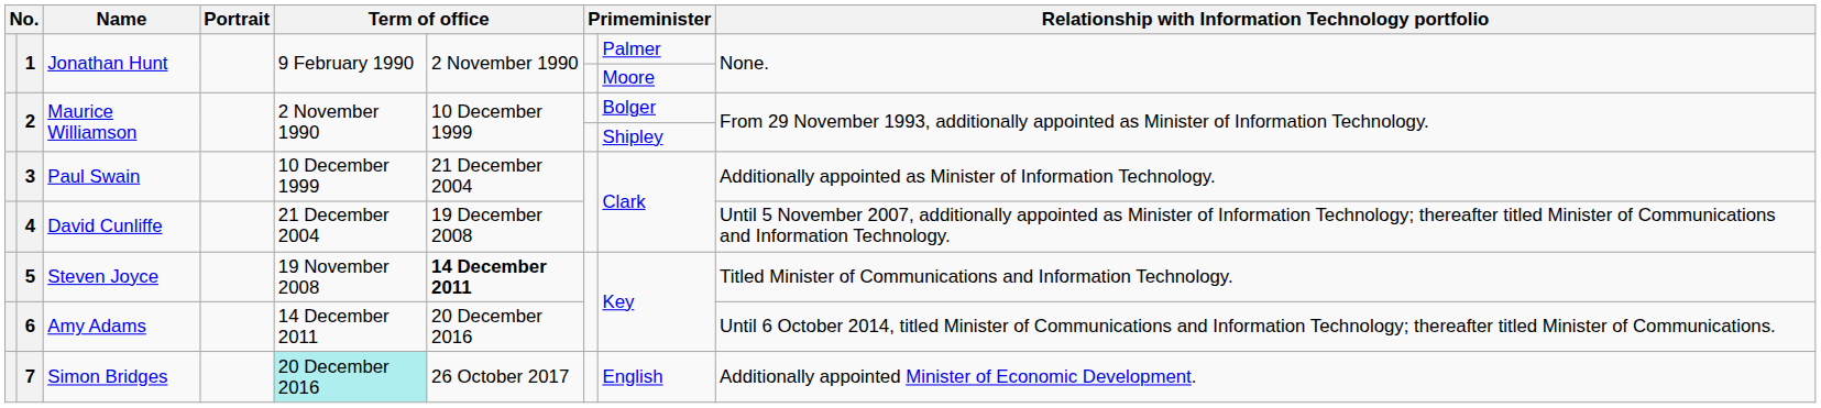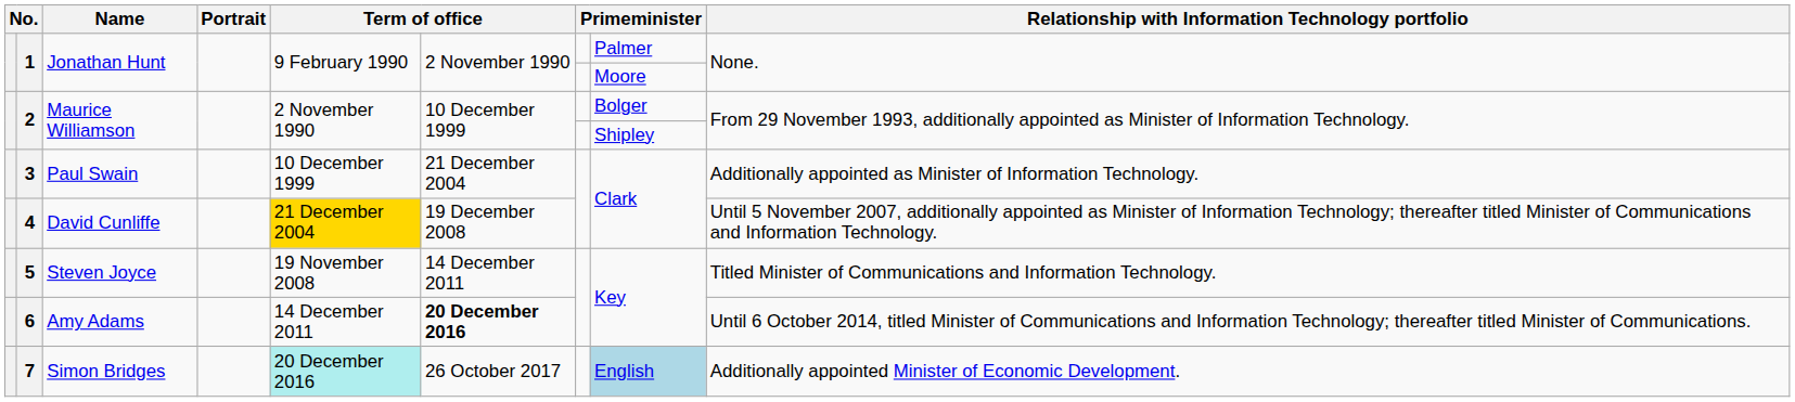 <table class="wikitable">
 <tr>
 <th colspan="2">No.</th>
 <th>Name</th>
 <th>Portrait</th>
 <th colspan="2">Term of office</th>
 <th colspan="2">Primeminister</th>
 <th>Relationship with Information Technology portfolio</th>
 </tr>
 <tr>
 <th rowspan="2" style="color:inherit;background:"><br></th>
 <th rowspan="2">1</th>
 <td rowspan="2"><a href='#'>Jonathan Hunt</a></td>
 <td rowspan="2"></td>
 <td rowspan="2">9 February 1990</td>
 <td rowspan="2">2 November 1990</td>
 <td style="color:inherit;background:"><br></td>
 <td><a href='#'>Palmer</a></td>
 <td rowspan="2">None.</td>
 </tr>
 <tr>
 <td style="color:inherit;background:"><br></td>
 <td><a href='#'>Moore</a></td>
 </tr>
 <tr>
 <th rowspan="2" style="color:inherit;background:"><br></th>
 <th rowspan="2">2</th>
 <td rowspan="2"><a href='#'>Maurice Williamson</a></td>
 <td rowspan="2"></td>
 <td rowspan="2">2 November 1990</td>
 <td rowspan="2">10 December 1999</td>
 <td style="color:inherit;background:"><br></td>
 <td><a href='#'>Bolger</a></td>
 <td rowspan="2">From 29 November 1993, additionally appointed as Minister of Information Technology.</td>
 </tr>
 <tr>
 <td style="color:inherit;background:"><br></td>
 <td><a href='#'>Shipley</a></td>
 </tr>
 <tr>
 <th style="color:inherit;background:"><br></th>
 <th>3</th>
 <td><a href='#'>Paul Swain</a></td>
 <td></td>
 <td>10 December 1999</td>
 <td>21 December 2004</td>
 <td height="15" rowspan="2" style="border-top:solid 0 gray; background:"><br></td>
 <td rowspan="2"><a href='#'>Clark</a></td>
 <td>Additionally appointed as Minister of Information Technology.</td>
 </tr>
 <tr>
 <th style="color:inherit;background:"><br></th>
 <th>4</th>
 <td><a href='#'>David Cunliffe</a></td>
 <td></td>
-<td>21 December 2004</td>
+<td style="background: gold;">21 December 2004</td>
 <td>19 December 2008</td>
 <td>Until 5 November 2007, additionally appointed as Minister of Information Technology; thereafter titled Minister of Communications and Information Technology.</td>
 </tr>
 <tr>
 <th style="color:inherit;background:"><br></th>
 <th>5</th>
 <td><a href='#'>Steven Joyce</a></td>
 <td></td>
 <td>19 November 2008</td>
-<td><strong>14 December 2011</strong></td>
+<td>14 December 2011</td>
 <td height="15" rowspan="2" style="border-top:solid 0 gray; background:"><br></td>
 <td rowspan="2"><a href='#'>Key</a></td>
 <td>Titled Minister of Communications and Information Technology.</td>
 </tr>
 <tr>
 <th style="color:inherit;background:"><br></th>
 <th>6</th>
 <td><a href='#'>Amy Adams</a></td>
 <td></td>
 <td>14 December 2011</td>
-<td>20 December 2016</td>
+<td><strong>20 December 2016</strong></td>
 <td>Until 6 October 2014, titled Minister of Communications and Information Technology; thereafter titled Minister of Communications.</td>
 </tr>
 <tr>
 <th style="color:inherit;background:"><br></th>
 <th>7</th>
 <td><a href='#'>Simon Bridges</a></td>
 <td></td>
 <td style="background: paleturquoise;">20 December 2016</td>
 <td>26 October 2017</td>
 <td style="color:inherit;background:"><br></td>
-<td><a href='#'>English</a></td>
+<td style="background: lightblue;"><a href='#'>English</a></td>
 <td>Additionally appointed <a href='#'>Minister of Economic Development</a>.</td>
 </tr>
 </table>
